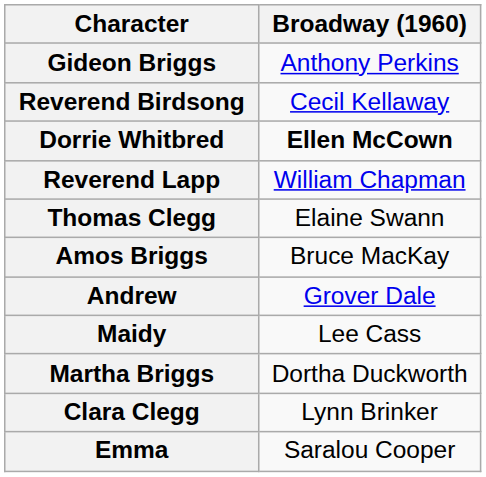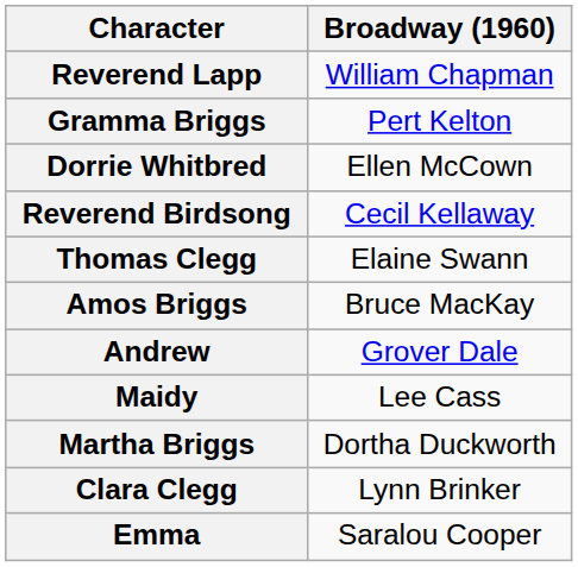 <table class="wikitable" style="width:50%; text-align:center">
 <tr>
 <th scope="col">Character</th>
 <th>Broadway (1960)</th>
 </tr>
 <tr>
-<th>Gideon Briggs</th>
-<td colspan="1"><a href='#'>Anthony Perkins</a></td>
+<th>Reverend Lapp</th>
+<td colspan="1"><a href='#'>William Chapman</a></td>
+</tr>
+<tr>
+<th>Gramma Briggs</th>
+<td colspan="1”"><a href='#'>Pert Kelton</a></td>
+</tr>
+<tr>
+<th>Dorrie Whitbred</th>
+<td colspan="1">Ellen McCown</td>
 </tr>
 <tr>
 <th>Reverend Birdsong</th>
 <td colspan="1”"><a href='#'>Cecil Kellaway</a></td>
-</tr>
-<tr>
-<th>Dorrie Whitbred</th>
-<td colspan="1"><strong>Ellen McCown</strong></td>
-</tr>
-<tr>
-<th>Reverend Lapp</th>
-<td colspan="1"><a href='#'>William Chapman</a></td>
 </tr>
 <tr>
 <th>Thomas Clegg</th>
 <td colspan="1">Elaine Swann</td>
 </tr>
 <tr>
 <th>Amos Briggs</th>
 <td colspan="1">Bruce MacKay</td>
 </tr>
 <tr>
 <th>Andrew</th>
 <td colspan="1"><a href='#'>Grover Dale</a></td>
 </tr>
 <tr>
 <th>Maidy</th>
 <td colspan="1">Lee Cass</td>
 </tr>
 <tr>
 <th>Martha Briggs</th>
 <td colspan="1">Dortha Duckworth</td>
 </tr>
 <tr>
 <th>Clara Clegg</th>
 <td colspan="1">Lynn Brinker</td>
 </tr>
 <tr>
 <th>Emma</th>
 <td colspan="1">Saralou Cooper</td>
 </tr>
 </table>
